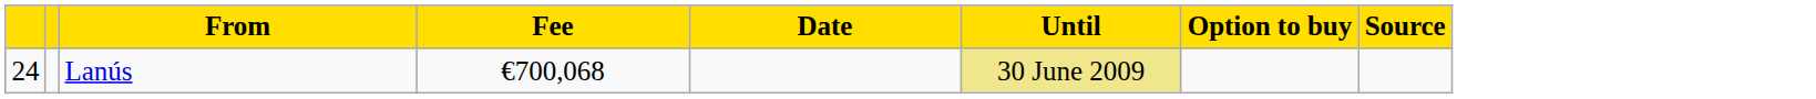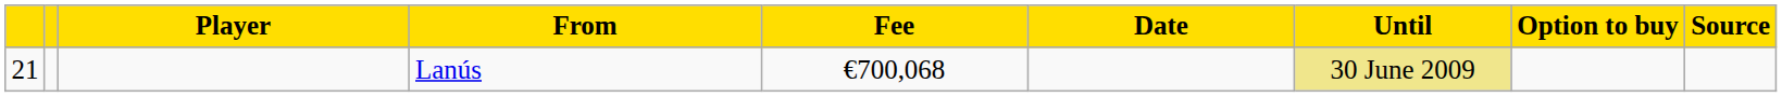 <table class="wikitable sortable">
 <tr>
 <th style="background:#FFDE00"></th>
 <th style="background:#FFDE00"></th>
+<th width=200 style="background:#FFDE00">Player</th>
 <th width=200 style="background:#FFDE00">From</th>
 <th width=150 style="background:#FFDE00">Fee</th>
 <th width=150 style="background:#FFDE00">Date</th>
 <th width=120 style="background:#FFDE00">Until</th>
 <th style="background:#FFDE00">Option to buy</th>
 <th style="background:#FFDE00">Source</th>
 </tr>
 <tr>
-<td align=center>24</td>
+<td align=center>21</td>
 <td align=center></td>
+<td></td>
 <td> <a href='#'>Lanús</a></td>
 <td align=center>€700,068</td>
 <td align=center></td>
 <td align=center style="background: khaki;">30 June 2009</td>
 <td align=center></td>
 <td align=center></td>
 </tr>
 </table>
